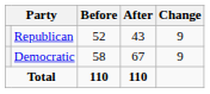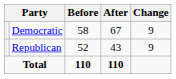 <table class="wikitable" style="text-align:center;">
 <tr>
 <th colspan="2">Party</th>
 <th>Before</th>
 <th>After</th>
 <th>Change</th>
 </tr>
 <tr>
 <th style="background-color:"></th>
-<td style="text-align:left;"><a href='#'>Republican</a></td>
-<td>52</td>
-<td>43</td>
+<td style="text-align:left;"><a href='#'>Democratic</a></td>
+<td>58</td>
+<td>67</td>
 <td> 9</td>
 </tr>
 <tr>
 <th style="background-color:"></th>
-<td style="text-align:left;"><a href='#'>Democratic</a></td>
-<td>58</td>
-<td>67</td>
+<td style="text-align:left;"><a href='#'>Republican</a></td>
+<td>52</td>
+<td>43</td>
 <td> 9</td>
 </tr>
 <tr>
 <td colspan="2"><strong>Total</strong></td>
 <td><strong>110</strong></td>
 <td><strong>110</strong></td>
 <td></td>
 </tr>
 </table>
